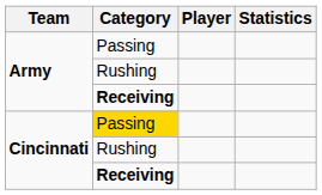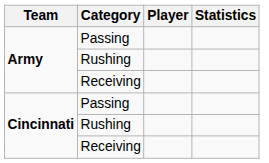 <table class="wikitable" style="float: left;">
 <tr>
 <th>Team</th>
 <th>Category</th>
 <th>Player</th>
 <th>Statistics</th>
 </tr>
 <tr>
 <td rowspan=3><strong>Army</strong></td>
 <td>Passing</td>
 <td></td>
 <td></td>
 </tr>
 <tr>
 <td>Rushing</td>
 <td></td>
 <td></td>
 </tr>
 <tr>
-<td><strong>Receiving</strong></td>
+<td>Receiving</td>
 <td></td>
 <td></td>
 </tr>
 <tr>
 <td rowspan=3><strong>Cincinnati</strong></td>
-<td style="background: gold;">Passing</td>
+<td>Passing</td>
 <td></td>
 <td></td>
 </tr>
 <tr>
 <td>Rushing</td>
 <td></td>
 <td></td>
 </tr>
 <tr>
-<td><strong>Receiving</strong></td>
+<td>Receiving</td>
 <td></td>
 <td></td>
 </tr>
 </table>
